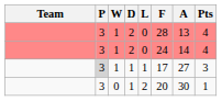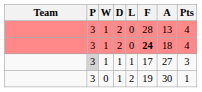 <table class="wikitable" style="text-align:center;">
 <tr>
 <th width="120px">Team</th>
 <th>P</th>
 <th>W</th>
 <th>D</th>
 <th>L</th>
 <th width="23px">F</th>
 <th width="23px">A</th>
 <th width="23px">Pts</th>
 </tr>
 <tr bgcolor="#FF8888">
 <td></td>
 <td>3</td>
 <td>1</td>
 <td>2</td>
 <td>0</td>
 <td>28</td>
 <td>13</td>
 <td>4</td>
 </tr>
 <tr bgcolor="#FF8888">
 <td></td>
 <td>3</td>
 <td>1</td>
 <td>2</td>
 <td>0</td>
-<td>24</td>
-<td>14</td>
+<td><strong>24</strong></td>
+<td>18</td>
 <td>4</td>
 </tr>
 <tr>
 <td></td>
 <td style="background: lightgrey;">3</td>
 <td>1</td>
 <td>1</td>
 <td>1</td>
 <td>17</td>
 <td>27</td>
 <td>3</td>
 </tr>
 <tr>
 <td></td>
 <td>3</td>
 <td>0</td>
 <td>1</td>
 <td>2</td>
-<td>20</td>
+<td>19</td>
 <td>30</td>
 <td>1</td>
 </tr>
 </table>
